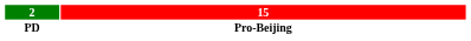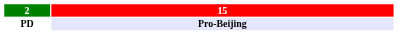 <table style="width:50%; text-align:center;">
 <tr style="color:white;">
 <td style="background:green; width:11.76%;"><strong>2</strong></td>
 <td style="background:red; width:88.24%;"><strong>15</strong></td>
 </tr>
 <tr>
 <td><span><strong>PD</strong></span></td>
-<td><span><strong>Pro-Beijing</strong></span></td>
+<td style="background: lavender;"><span><strong>Pro-Beijing</strong></span></td>
 </tr>
 </table>
